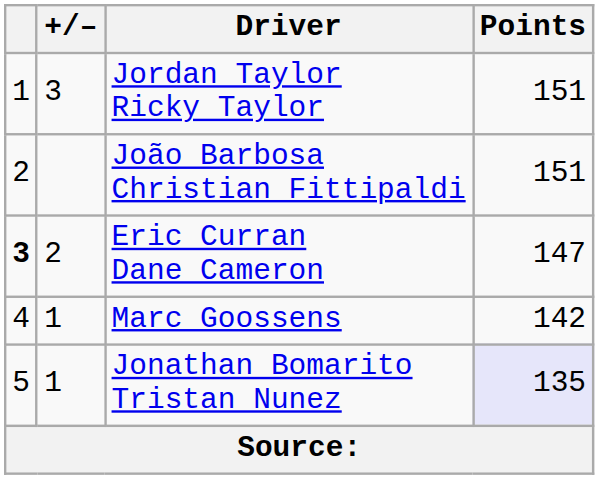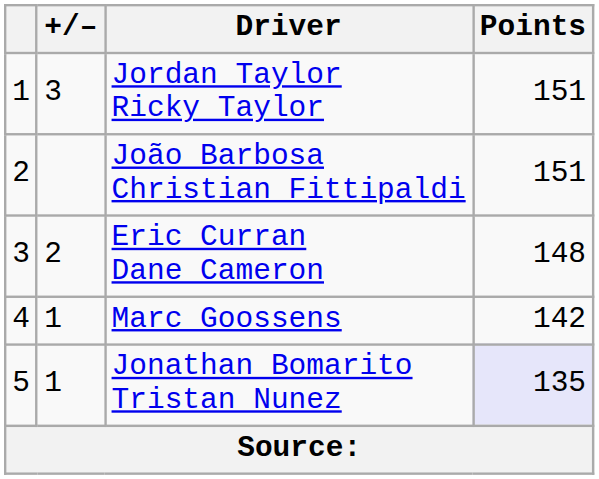 <table class="wikitable" style="font-size: 95%;">
 <tr>
 <th scope="col"></th>
 <th scope="col">+/–</th>
 <th scope="col">Driver</th>
 <th scope="col">Points</th>
 </tr>
 <tr>
 <td align=center>1</td>
 <td align="left"> 3</td>
 <td> <a href='#'>Jordan Taylor</a><br> <a href='#'>Ricky Taylor</a></td>
 <td align=right>151</td>
 </tr>
 <tr>
 <td align=center>2</td>
 <td align="left"></td>
 <td> <a href='#'>João Barbosa</a><br> <a href='#'>Christian Fittipaldi</a></td>
 <td align=right>151</td>
 </tr>
 <tr>
-<td align=center><strong>3</strong></td>
+<td align=center>3</td>
 <td align="left"> 2</td>
 <td> <a href='#'>Eric Curran</a><br> <a href='#'>Dane Cameron</a></td>
-<td align=right>147</td>
+<td align=right>148</td>
 </tr>
 <tr>
 <td align=center>4</td>
 <td align="left"> 1</td>
 <td> <a href='#'>Marc Goossens</a></td>
 <td align=right>142</td>
 </tr>
 <tr>
 <td align=center>5</td>
 <td align="left"> 1</td>
 <td> <a href='#'>Jonathan Bomarito</a><br> <a href='#'>Tristan Nunez</a></td>
 <td align=right style="background: lavender;">135</td>
 </tr>
 <tr>
 <th colspan=5>Source:</th>
 </tr>
 </table>
